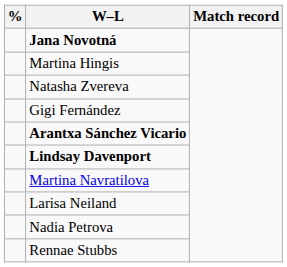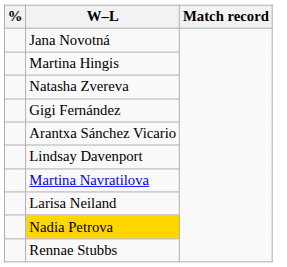 <table class="wikitable nowrap" style="text-align:center; display:inline-table">
 <tr>
 <th>%</th>
 <th scope="col">W–L</th>
 <th scope="col">Match record</th>
 </tr>
 <tr>
 <td></td>
-<td style="text-align:left"><strong> Jana Novotná</strong></td>
+<td style="text-align:left"> Jana Novotná</td>
 </tr>
 <tr>
 <td></td>
 <td style="text-align:left"> Martina Hingis</td>
 </tr>
 <tr>
 <td></td>
 <td style="text-align:left"> Natasha Zvereva</td>
 </tr>
 <tr>
 <td></td>
 <td style="text-align:left"> Gigi Fernández</td>
 </tr>
 <tr>
 <td></td>
-<td style="text-align:left"><strong> Arantxa Sánchez Vicario</strong></td>
+<td style="text-align:left"> Arantxa Sánchez Vicario</td>
 </tr>
 <tr>
 <td></td>
-<td style="text-align:left"><strong> Lindsay Davenport</strong></td>
+<td style="text-align:left"> Lindsay Davenport</td>
 </tr>
 <tr>
 <td></td>
 <td style="text-align:left"> <a href='#'>Martina Navratilova</a></td>
 </tr>
 <tr>
 <td></td>
 <td style="text-align:left"> Larisa Neiland</td>
 </tr>
 <tr>
 <td></td>
-<td style="text-align:left"> Nadia Petrova</td>
+<td style="background: gold; text-align:left"> Nadia Petrova</td>
 </tr>
 <tr>
 <td></td>
 <td style="text-align:left"> Rennae Stubbs</td>
 </tr>
 </table>
